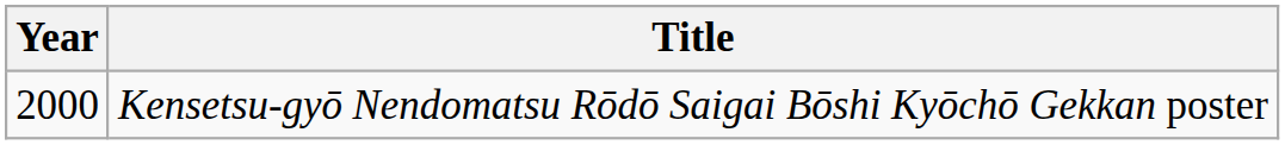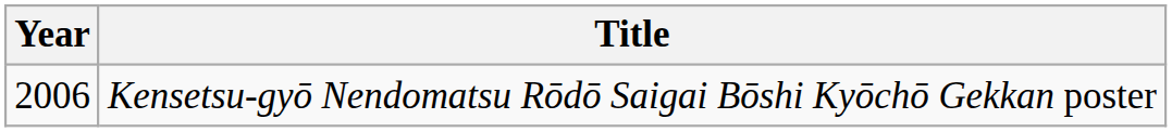 <table class="wikitable">
 <tr>
 <th>Year</th>
 <th>Title</th>
 </tr>
 <tr>
-<td>2000</td>
+<td>2006</td>
 <td><em>Kensetsu-gyō Nendomatsu Rōdō Saigai Bōshi Kyōchō Gekkan</em> poster</td>
 </tr>
 </table>
